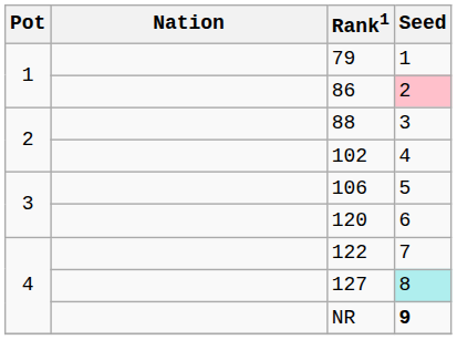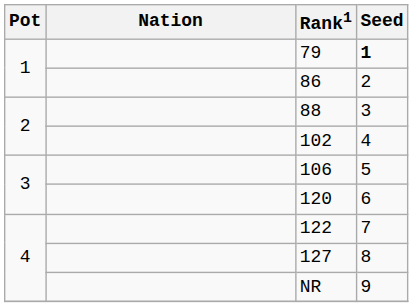 <table class="wikitable">
 <tr>
 <th>Pot</th>
 <th width="175">Nation</th>
 <th>Rank<sup>1</sup></th>
 <th>Seed</th>
 </tr>
 <tr>
 <td rowspan=2 style="text-align:center;">1</td>
 <td></td>
 <td>79</td>
-<td>1</td>
+<td><strong>1</strong></td>
 </tr>
 <tr>
 <td></td>
 <td>86</td>
-<td style="background: pink;">2</td>
+<td>2</td>
 </tr>
 <tr>
 <td rowspan=2 style="text-align:center;">2</td>
 <td></td>
 <td>88</td>
 <td>3</td>
 </tr>
 <tr>
 <td></td>
 <td>102</td>
 <td>4</td>
 </tr>
 <tr>
 <td rowspan=2 style="text-align:center;">3</td>
 <td></td>
 <td>106</td>
 <td>5</td>
 </tr>
 <tr>
 <td></td>
 <td>120</td>
 <td>6</td>
 </tr>
 <tr>
 <td rowspan=3 style="text-align:center;">4</td>
 <td></td>
 <td>122</td>
 <td>7</td>
 </tr>
 <tr>
 <td></td>
 <td>127</td>
-<td style="background: paleturquoise;">8</td>
+<td>8</td>
 </tr>
 <tr>
 <td></td>
 <td>NR</td>
-<td><strong>9</strong></td>
+<td>9</td>
 </tr>
 <tr>
 </tr>
 </table>
